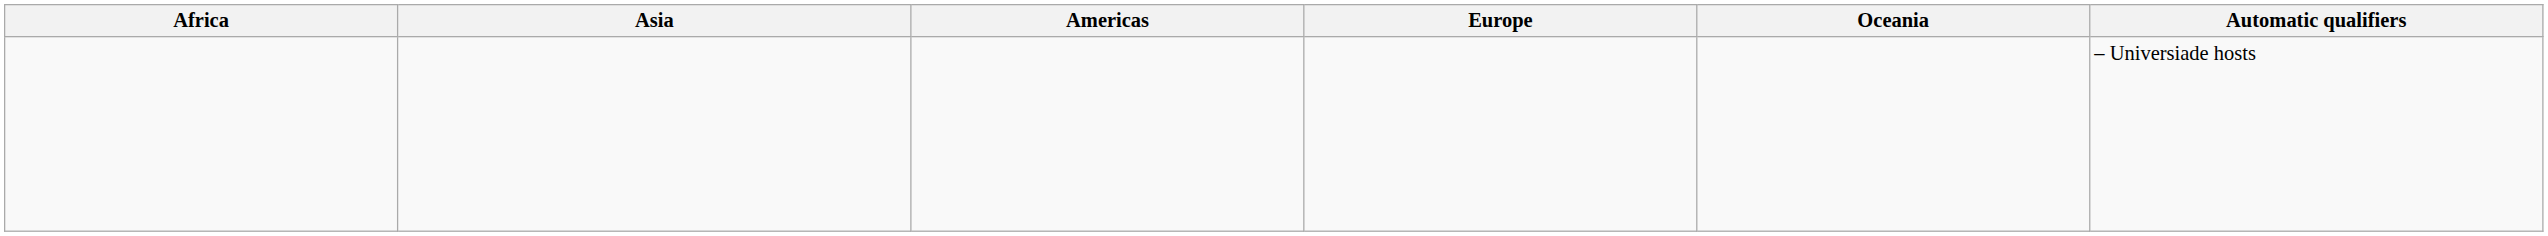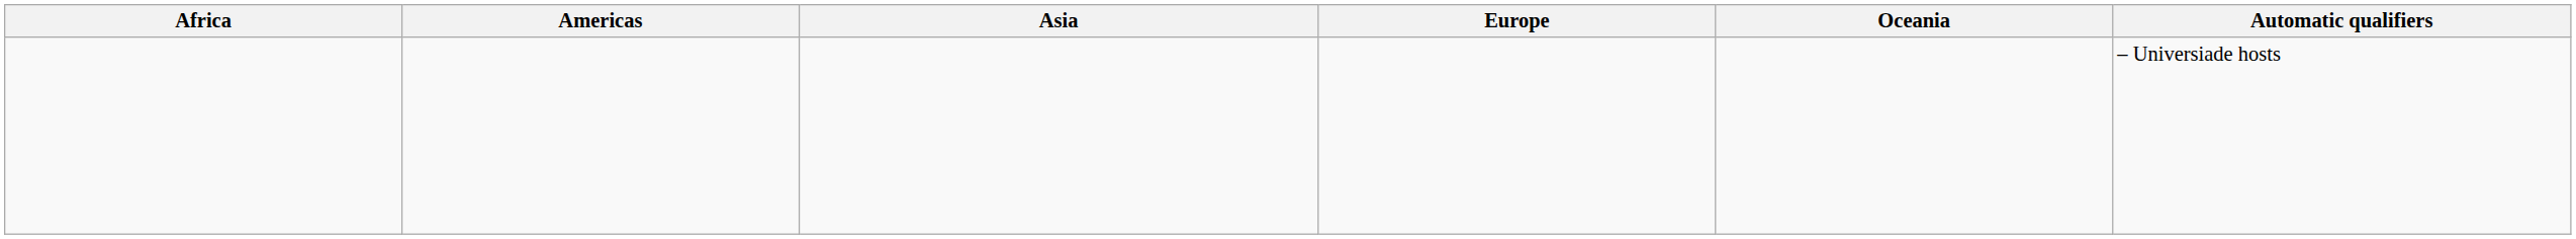 <table class=wikitable width=100%>
 <tr>
 <th width=13%>Africa</th>
+<th width=13%>Americas</th>
 <th width=17%>Asia</th>
-<th width=13%>Americas</th>
 <th width=13%>Europe</th>
 <th width=13%>Oceania</th>
 <th width=15%>Automatic qualifiers</th>
 </tr>
 <tr valign=top>
 <td></td>
+<td><br><br></td>
 <td><br></td>
-<td><br><br></td>
 <td><br><br><br><br><br><br>  <br>  <br></td>
 <td></td>
 <td>– Universiade hosts</td>
 </tr>
 </table>
